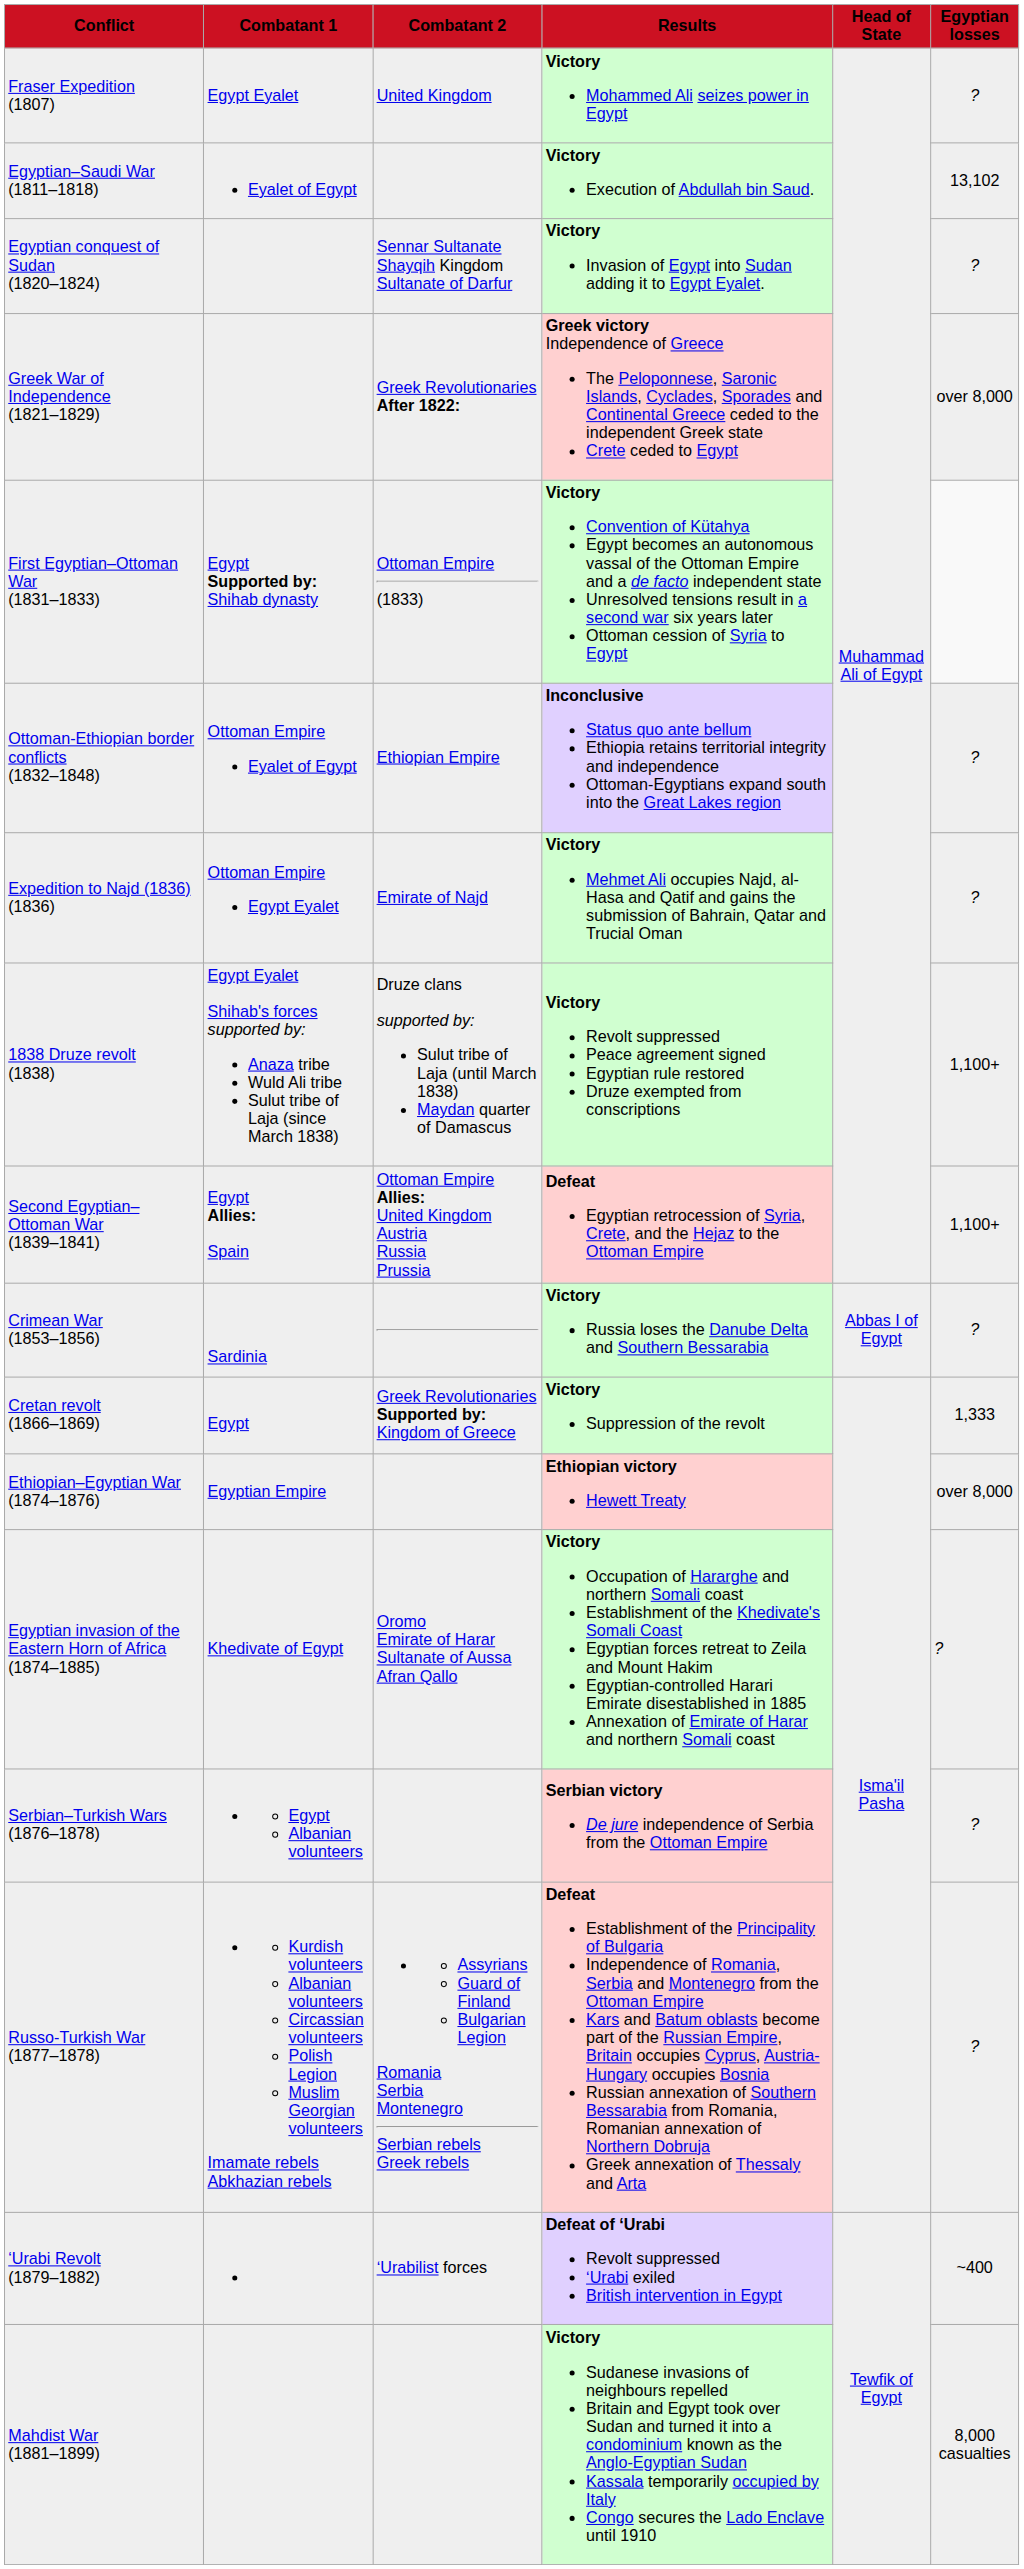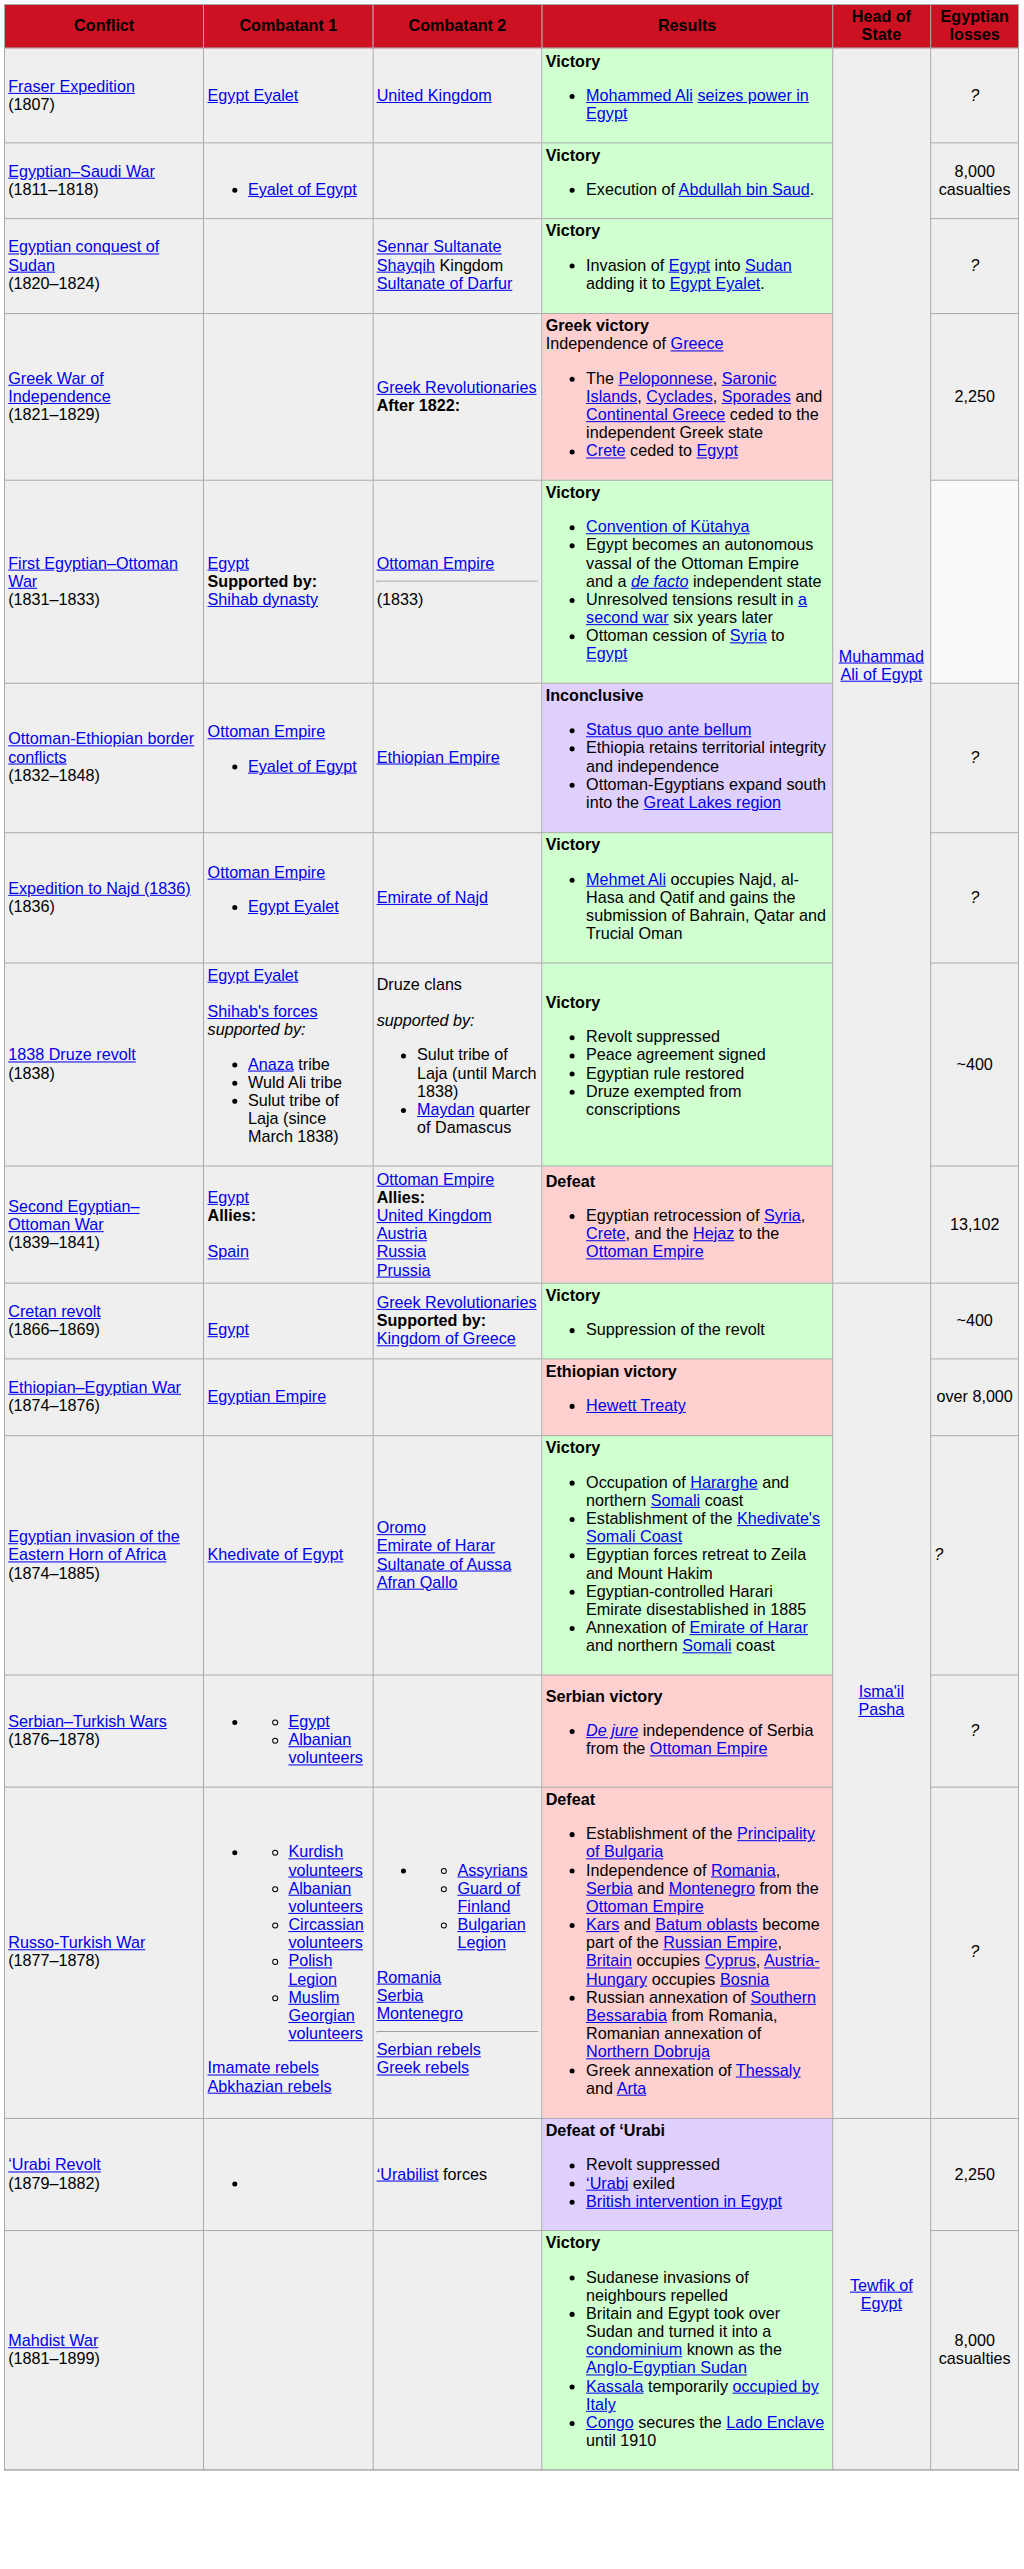 <table class="wikitable">
 <tr>
 <th style="background:#CC1122" rowspan="1" width=190px><span>Conflict</span></th>
 <th style="background:#CC1122" rowspan="1" width=160px><span>Combatant 1</span></th>
 <th style="background:#CC1122" rowspan="1" width=160px><span>Combatant 2</span></th>
 <th style="background:#CC1122" rowspan="1" width=280px><span>Results</span></th>
 <th style="background:#CC1122" rowspan="1" width=90px><span>Head of State</span></th>
 <th style="background:#CC1122" rowspan="1" width=80px><span>Egyptian<br>losses</span></th>
 </tr>
 <tr>
 <td style="background:#efefef"><a href='#'>Fraser Expedition</a><br>(1807)</td>
 <td style="background:#efefef"> <a href='#'>Egypt Eyalet</a></td>
 <td style="background:#efefef"> <a href='#'>United Kingdom</a></td>
 <td style="background:#D0FFD0"><strong>Victory</strong><br><ul><li><a href='#'>Mohammed Ali</a> <a href='#'>seizes power in Egypt</a></li></ul></td>
 <td style="background:#efefef;text-align:center;" rowspan=9><a href='#'>Muhammad Ali of Egypt</a></td>
 <td style="background:#efefef;text-align:center;"><em>?</em></td>
 </tr>
 <tr>
 <td style="background:#efefef"><a href='#'>Egyptian–Saudi War</a><br>(1811–1818)</td>
 <td style="background:#efefef"><br><ul><li>  <a href='#'>Eyalet of Egypt</a></li></ul></td>
 <td style="background:#efefef"></td>
 <td style="background:#D0FFD0"><strong>Victory</strong><br><ul><li>Execution of <a href='#'>Abdullah bin Saud</a>.</li></ul></td>
-<td style="background:#efefef;text-align:center;">13,102</td>
+<td style="background:#efefef;text-align:center;">8,000 casualties</td>
 </tr>
 <tr>
 <td style="background:#efefef"><a href='#'>Egyptian conquest of Sudan</a><br>(1820–1824)</td>
 <td style="background:#efefef"></td>
 <td style="background:#efefef"><a href='#'>Sennar Sultanate</a><br><a href='#'>Shayqih</a> Kingdom<br><a href='#'>Sultanate of Darfur</a></td>
 <td style="background:#D0FFD0"><strong>Victory</strong><br><ul><li>Invasion of <a href='#'>Egypt</a> into <a href='#'>Sudan</a> adding it to <a href='#'>Egypt Eyalet</a>.</li></ul></td>
 <td style="background:#efefef;text-align:center;"><em>?</em></td>
 </tr>
 <tr>
 <td style="background:#efefef"><a href='#'>Greek War of Independence</a><br>(1821–1829)</td>
 <td style="background:#efefef"><br></td>
 <td style="background:#efefef"> <a href='#'>Greek Revolutionaries</a><br> <strong>After 1822:</strong>  </td>
 <td style="background:#FFD0D0"><strong>Greek victory</strong><br>Independence of <a href='#'>Greece</a><ul><li>The <a href='#'>Peloponnese</a>, <a href='#'>Saronic Islands</a>, <a href='#'>Cyclades</a>, <a href='#'>Sporades</a> and <a href='#'>Continental Greece</a> ceded to the independent Greek state</li><li><a href='#'>Crete</a> ceded to <a href='#'>Egypt</a></li></ul></td>
-<td style="background:#efefef;text-align:center;">over 8,000</td>
+<td style="background:#efefef;text-align:center;">2,250</td>
 </tr>
 <tr>
 <td style="background:#efefef"><a href='#'>First Egyptian–Ottoman War</a><br>(1831–1833)</td>
 <td style="background:#efefef"> <a href='#'>Egypt</a><br><strong>Supported by:</strong><br> <a href='#'>Shihab dynasty</a></td>
 <td style="background:#efefef"> <a href='#'>Ottoman Empire</a><hr> (1833)</td>
 <td style="background:#D0FFD0"><strong>Victory</strong><br><ul><li><a href='#'>Convention of Kütahya</a></li><li>Egypt becomes an autonomous vassal of the Ottoman Empire and a <em><a href='#'>de facto</a></em> independent state</li><li>Unresolved tensions result in <a href='#'>a second war</a> six years later</li><li>Ottoman cession of <a href='#'>Syria</a> to <a href='#'>Egypt</a></li></ul></td>
 </tr>
 <tr>
 <td style="background:#efefef"><a href='#'>Ottoman-Ethiopian border conflicts</a><br>(1832–1848)</td>
 <td style="background:#efefef"><a href='#'>Ottoman Empire</a><br><ul><li><a href='#'>Eyalet of Egypt</a></li></ul></td>
 <td style="background:#efefef"><a href='#'>Ethiopian Empire</a></td>
 <td style="background:#E0D0FF"><strong>Inconclusive</strong><br><ul><li><a href='#'>Status quo ante bellum</a></li><li>Ethiopia retains territorial integrity and independence</li><li>Ottoman-Egyptians expand south into the <a href='#'>Great Lakes region</a></li></ul></td>
 <td style="background:#efefef;text-align:center;"><em>?</em></td>
 </tr>
 <tr>
 <td style="background:#efefef"><a href='#'>Expedition to Najd (1836)</a><br>(1836)</td>
 <td style="background:#efefef"> <a href='#'>Ottoman Empire</a><br><ul><li><a href='#'>Egypt Eyalet</a></li></ul></td>
 <td style="background:#efefef"> <a href='#'>Emirate of Najd</a></td>
 <td style="background:#D0FFD0"><strong>Victory</strong><br><ul><li><a href='#'>Mehmet Ali</a> occupies Najd, al-Hasa and Qatif and gains the submission of Bahrain, Qatar and Trucial Oman</li></ul></td>
 <td style="background:#efefef;text-align:center;"><em>?</em></td>
 </tr>
 <tr>
 <td style="background:#efefef"><a href='#'>1838 Druze revolt</a><br>(1838)</td>
 <td style="background:#efefef"> <a href='#'>Egypt Eyalet</a><br><br> <a href='#'>Shihab's forces</a> <em>supported by:</em><br><ul><li><a href='#'>Anaza</a> tribe</li><li>Wuld Ali tribe</li><li>Sulut tribe of Laja (since March 1838)</li></ul></td>
 <td style="background:#efefef">Druze clans<br><br><em>supported by:</em><br><ul><li>Sulut tribe of Laja (until March 1838)</li><li><a href='#'>Maydan</a> quarter of Damascus</li></ul></td>
 <td style="background:#D0FFD0"><strong>Victory</strong><br><ul><li>Revolt suppressed</li><li>Peace agreement signed</li><li>Egyptian rule restored</li><li>Druze exempted from conscriptions</li></ul></td>
-<td style="background:#efefef;text-align:center;">1,100+</td>
+<td style="background:#efefef;text-align:center;">~400</td>
 </tr>
 <tr>
 <td style="background:#efefef"><a href='#'>Second Egyptian–Ottoman War</a><br>(1839–1841)</td>
 <td style="background:#efefef"> <a href='#'>Egypt</a><br><strong>Allies:</strong><br><br> <a href='#'>Spain</a></td>
 <td style="background:#efefef"> <a href='#'>Ottoman Empire</a><br><strong>Allies:</strong><br> <a href='#'>United Kingdom</a><br> <a href='#'>Austria</a><br> <a href='#'>Russia</a><br> <a href='#'>Prussia</a></td>
 <td style="background:#FFD0D0"><strong>Defeat</strong><br><ul><li>Egyptian retrocession of <a href='#'>Syria</a>, <a href='#'>Crete</a>, and the <a href='#'>Hejaz</a> to the <a href='#'>Ottoman Empire</a></li></ul></td>
-<td style="background:#efefef;text-align:center;">1,100+</td>
-</tr>
-<tr>
-<td style="background:#efefef"><a href='#'>Crimean War</a> <br>(1853–1856)</td>
-<td style="background:#efefef"><br><br><br> <a href='#'>Sardinia</a></td>
-<td style="background:#efefef"><hr></td>
-<td style="background:#D0FFD0"><strong>Victory</strong><br><ul><li>Russia loses the <a href='#'>Danube Delta</a> and <a href='#'>Southern Bessarabia</a></li></ul></td>
-<td style="background:#efefef;text-align:center;"><a href='#'>Abbas I of Egypt</a></td>
-<td style="background:#efefef;text-align:center;"><em>?</em></td>
+<td style="background:#efefef;text-align:center;">13,102</td>
 </tr>
 <tr>
 <td style="background:#efefef"><a href='#'>Cretan revolt</a> <br>(1866–1869)</td>
 <td style="background:#efefef"><br> <a href='#'>Egypt</a></td>
 <td style="background:#efefef"> <a href='#'>Greek Revolutionaries</a><br><strong>Supported by:</strong><br> <a href='#'>Kingdom of Greece</a></td>
 <td style="background:#D0FFD0"><strong>Victory</strong><br><ul><li>Suppression of the revolt</li></ul></td>
 <td rowspan="5" style="background:#efefef;text-align:center;"><a href='#'>Isma'il Pasha</a></td>
-<td style="background:#efefef;text-align:center;">1,333</td>
+<td style="background:#efefef;text-align:center;">~400</td>
 </tr>
 <tr>
 <td style="background:#efefef"><a href='#'>Ethiopian–Egyptian War</a><br>(1874–1876)</td>
 <td style="background:#efefef"> <a href='#'>Egyptian Empire</a></td>
 <td style="background:#efefef"></td>
 <td style="background:#FFD0D0"><strong>Ethiopian victory</strong><br><ul><li><a href='#'>Hewett Treaty</a></li></ul></td>
 <td style="background:#efefef;text-align:center;">over 8,000</td>
 </tr>
 <tr>
 <td style="background:#efefef"><a href='#'>Egyptian invasion of the Eastern Horn of Africa</a><br>(1874–1885)</td>
 <td style="background:#efefef"> <a href='#'>Khedivate of Egypt</a></td>
 <td style="background:#efefef"><a href='#'>Oromo</a> <br><a href='#'>Emirate of Harar</a> <br> <a href='#'>Sultanate of Aussa</a><br><a href='#'>Afran Qallo</a></td>
 <td style="background:#D0FFD0"><strong>Victory</strong><br><ul><li>Occupation of <a href='#'>Hararghe</a> and northern <a href='#'>Somali</a> coast</li><li>Establishment of the <a href='#'>Khedivate's Somali Coast</a></li><li>Egyptian forces retreat to Zeila and Mount Hakim</li><li>Egyptian-controlled Harari Emirate disestablished in 1885</li><li>Annexation of <a href='#'>Emirate of Harar</a> and northern <a href='#'>Somali</a> coast</li></ul></td>
 <td style="background:#efefef"><em>?</em></td>
 </tr>
 <tr>
 <td style="background:#efefef"><a href='#'>Serbian–Turkish Wars</a><br>(1876–1878)</td>
 <td style="background:#efefef"><br><ul><li><ul><li> <a href='#'>Egypt</a></li><li> <a href='#'>Albanian</a> <a href='#'> volunteers</a></li></ul></li></ul></td>
 <td style="background:#efefef"></td>
 <td style="background:#FFD0D0"><strong>Serbian victory</strong><br><ul><li><em><a href='#'>De jure</a></em> independence of Serbia from the <a href='#'>Ottoman Empire</a></li></ul></td>
 <td style="background:#efefef;text-align:center;"><em>?</em></td>
 </tr>
 <tr>
 <td style="background:#efefef"><a href='#'>Russo-Turkish War</a><br>(1877–1878)</td>
 <td style="background:#efefef"><br><ul><li><ul><li><a href='#'>Kurdish volunteers</a></li><li><a href='#'>Albanian volunteers</a></li><li><a href='#'>Circassian volunteers</a></li><li><a href='#'>Polish Legion</a></li><li><a href='#'>Muslim Georgian volunteers</a></li></ul></li></ul><a href='#'>Imamate rebels</a><br><a href='#'>Abkhazian rebels</a> </td>
 <td style="background:#efefef"><br><ul><li><ul><li><a href='#'>Assyrians</a></li><li><a href='#'>Guard of Finland</a></li><li><a href='#'>Bulgarian Legion</a></li></ul></li></ul> <a href='#'>Romania</a><br> <a href='#'>Serbia</a><br> <a href='#'>Montenegro</a><br><hr><a href='#'>Serbian rebels</a><br><a href='#'>Greek rebels</a> </td>
 <td style="background:#FFD0D0"><strong>Defeat</strong><br><ul><li>Establishment of the <a href='#'>Principality of Bulgaria</a></li><li>Independence of <a href='#'>Romania</a>, <a href='#'>Serbia</a> and <a href='#'>Montenegro</a> from the <a href='#'>Ottoman Empire</a></li><li><a href='#'>Kars</a> and <a href='#'>Batum oblasts</a> become part of the <a href='#'>Russian Empire</a>, <a href='#'>Britain</a> occupies <a href='#'>Cyprus</a>, <a href='#'>Austria-Hungary</a> occupies <a href='#'>Bosnia</a></li><li>Russian annexation of <a href='#'>Southern Bessarabia</a> from Romania, Romanian annexation of <a href='#'>Northern Dobruja</a></li><li>Greek annexation of <a href='#'>Thessaly</a> and <a href='#'>Arta</a></li></ul></td>
 <td style="background:#efefef;text-align:center;"><em>?</em></td>
 </tr>
 <tr>
 <td style="background:#efefef"><a href='#'>‘Urabi Revolt</a><br>(1879–1882)</td>
 <td style="background:#efefef"> <br><ul><li></li></ul></td>
 <td style="background:#efefef"> <a href='#'>ʻUrabilist</a> forces</td>
 <td style="background:#E0D0FF"><strong>Defeat of ‘Urabi</strong><br><ul><li>Revolt suppressed</li><li><a href='#'>ʻUrabi</a> exiled</li><li><a href='#'>British intervention in Egypt</a></li></ul></td>
 <td style="background:#efefef;text-align:center;" rowspan=2><a href='#'>Tewfik of Egypt</a></td>
-<td style="background:#efefef;text-align:center;">~400</td>
+<td style="background:#efefef;text-align:center;">2,250</td>
 </tr>
 <tr>
 <td style="background:#efefef"><a href='#'>Mahdist War</a><br>(1881–1899)</td>
 <td style="background:#efefef"></td>
 <td style="background:#efefef"></td>
 <td style="background:#D0FFD0"><strong>Victory</strong><br><ul><li>Sudanese invasions of neighbours repelled</li><li>Britain and Egypt took over Sudan and turned it into a <a href='#'>condominium</a> known as the <a href='#'>Anglo-Egyptian Sudan</a></li><li><a href='#'>Kassala</a> temporarily <a href='#'>occupied by Italy</a></li><li><a href='#'>Congo</a> secures the <a href='#'>Lado Enclave</a> until 1910</li></ul></td>
 <td style="background:#efefef;text-align:center;">8,000 casualties</td>
 </tr>
 <tr>
 </tr>
 </table>
